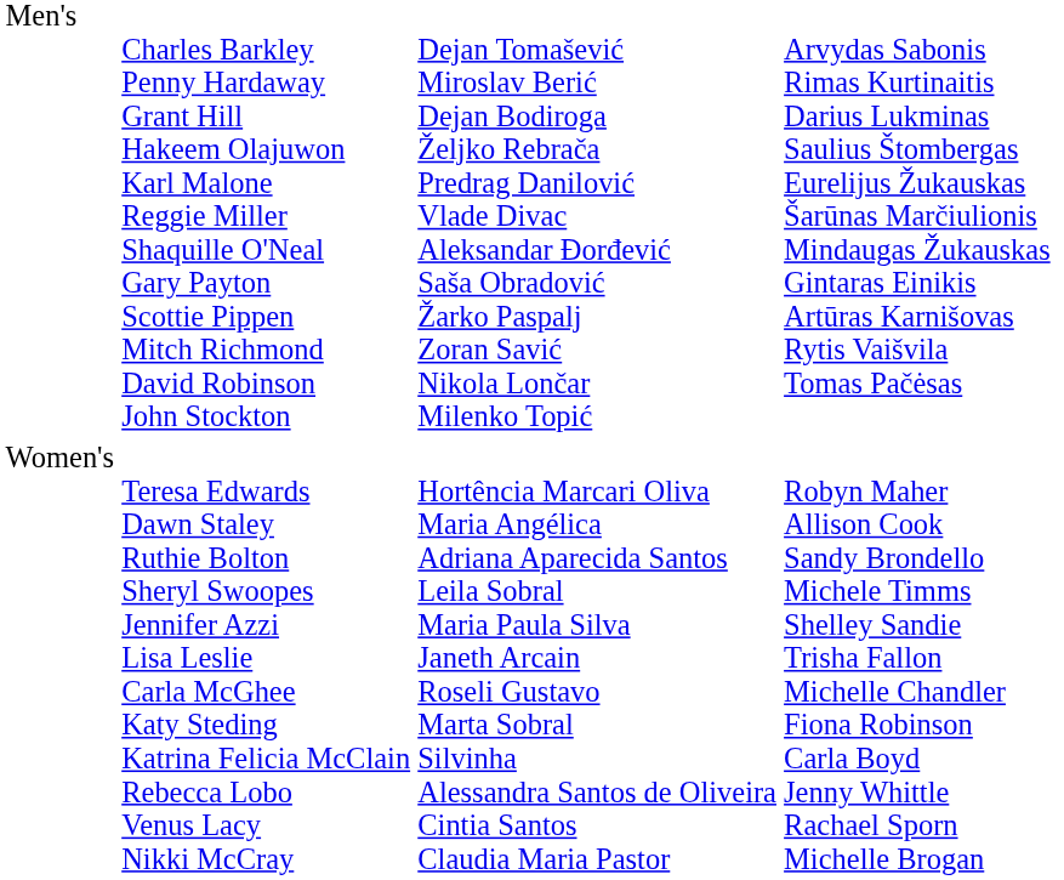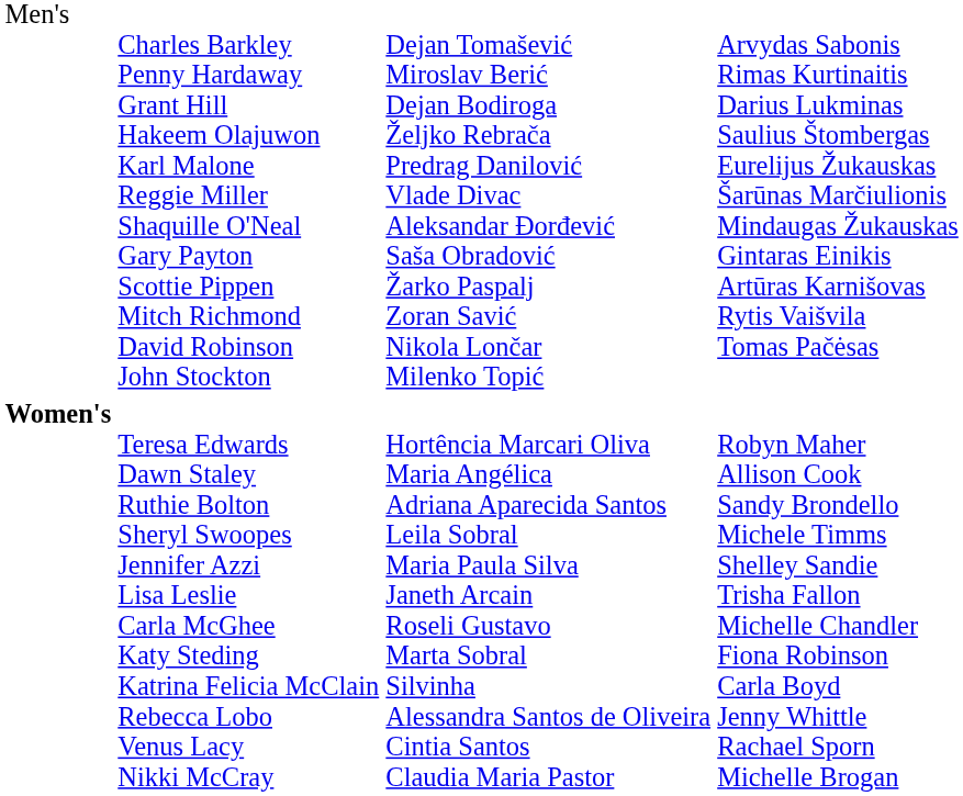 <table>
 <tr valign=top>
 <td>Men's <br></td>
 <td><br><a href='#'>Charles Barkley</a><br> <a href='#'>Penny Hardaway</a><br> <a href='#'>Grant Hill</a><br> <a href='#'>Hakeem Olajuwon</a><br> <a href='#'>Karl Malone</a><br> <a href='#'>Reggie Miller</a><br> <a href='#'>Shaquille O'Neal</a><br> <a href='#'>Gary Payton</a><br> <a href='#'>Scottie Pippen</a><br> <a href='#'>Mitch Richmond</a><br> <a href='#'>David Robinson</a><br> <a href='#'>John Stockton</a></td>
 <td><br><a href='#'>Dejan Tomašević</a><br> <a href='#'>Miroslav Berić</a><br> <a href='#'>Dejan Bodiroga</a><br> <a href='#'>Željko Rebrača</a><br> <a href='#'>Predrag Danilović</a><br> <a href='#'>Vlade Divac</a><br> <a href='#'>Aleksandar Đorđević</a><br> <a href='#'>Saša Obradović</a><br> <a href='#'>Žarko Paspalj</a><br> <a href='#'>Zoran Savić</a><br> <a href='#'>Nikola Lončar</a><br> <a href='#'>Milenko Topić</a><br></td>
 <td><br><a href='#'>Arvydas Sabonis</a><br> <a href='#'>Rimas Kurtinaitis</a><br> <a href='#'>Darius Lukminas</a><br> <a href='#'>Saulius Štombergas</a><br> <a href='#'>Eurelijus Žukauskas</a><br> <a href='#'>Šarūnas Marčiulionis</a><br> <a href='#'>Mindaugas Žukauskas</a><br> <a href='#'>Gintaras Einikis</a><br> <a href='#'>Artūras Karnišovas</a><br> <a href='#'>Rytis Vaišvila</a><br> <a href='#'>Tomas Pačėsas</a></td>
 </tr>
 <tr valign=top>
-<td>Women's <br></td>
+<td><strong>Women's <br></strong></td>
 <td><br><a href='#'>Teresa Edwards</a><br> <a href='#'>Dawn Staley</a><br> <a href='#'>Ruthie Bolton</a><br> <a href='#'>Sheryl Swoopes</a><br> <a href='#'>Jennifer Azzi</a><br> <a href='#'>Lisa Leslie</a><br> <a href='#'>Carla McGhee</a><br> <a href='#'>Katy Steding</a><br> <a href='#'>Katrina Felicia McClain</a><br> <a href='#'>Rebecca Lobo</a><br> <a href='#'>Venus Lacy</a><br> <a href='#'>Nikki McCray</a></td>
 <td><br><a href='#'>Hortência Marcari Oliva</a><br> <a href='#'>Maria Angélica</a><br> <a href='#'>Adriana Aparecida Santos</a><br> <a href='#'>Leila Sobral</a><br> <a href='#'>Maria Paula Silva</a><br> <a href='#'>Janeth Arcain</a><br> <a href='#'>Roseli Gustavo</a><br> <a href='#'>Marta Sobral</a><br> <a href='#'>Silvinha</a><br> <a href='#'>Alessandra Santos de Oliveira</a><br> <a href='#'>Cintia Santos</a><br> <a href='#'>Claudia Maria Pastor</a><br></td>
 <td><br><a href='#'>Robyn Maher</a><br> <a href='#'>Allison Cook</a><br> <a href='#'>Sandy Brondello</a><br> <a href='#'>Michele Timms</a><br> <a href='#'>Shelley Sandie</a><br> <a href='#'>Trisha Fallon</a><br> <a href='#'>Michelle Chandler</a><br> <a href='#'>Fiona Robinson</a><br> <a href='#'>Carla Boyd</a><br> <a href='#'>Jenny Whittle</a><br> <a href='#'>Rachael Sporn</a><br> <a href='#'>Michelle Brogan</a></td>
 </tr>
 </table>
